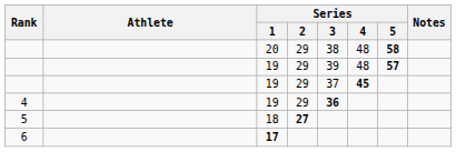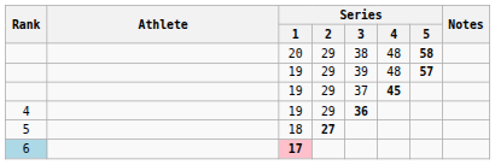 <table class="wikitable" style="text-align:center">
 <tr>
 <th rowspan="2" width="40">Rank</th>
 <th rowspan="2" width="250">Athlete</th>
 <th colspan="5">Series</th>
 <th rowspan="2" width="45">Notes</th>
 </tr>
 <tr>
 <th width="30">1</th>
 <th width="30">2</th>
 <th width="30">3</th>
 <th width="30">4</th>
 <th width="30">5</th>
 </tr>
 <tr>
 <td></td>
 <td align="left"></td>
 <td>20</td>
 <td>29</td>
 <td>38</td>
 <td>48</td>
 <td><strong>58</strong></td>
 <td></td>
 </tr>
 <tr>
 <td></td>
 <td align="left"></td>
 <td>19</td>
 <td>29</td>
 <td>39</td>
 <td>48</td>
 <td><strong>57</strong></td>
 <td></td>
 </tr>
 <tr>
 <td></td>
 <td align="left"></td>
 <td>19</td>
 <td>29</td>
 <td>37</td>
 <td><strong>45</strong></td>
 <td></td>
 <td></td>
 </tr>
 <tr>
 <td>4</td>
 <td align="left"></td>
 <td>19</td>
 <td>29</td>
 <td><strong>36</strong></td>
 <td></td>
 <td></td>
 <td></td>
 </tr>
 <tr>
 <td>5</td>
 <td align="left"></td>
 <td>18</td>
 <td><strong>27</strong></td>
 <td></td>
 <td></td>
 <td></td>
 <td></td>
 </tr>
 <tr>
-<td>6</td>
+<td style="background: lightblue;">6</td>
 <td align="left"></td>
-<td><strong>17</strong></td>
+<td style="background: pink;"><strong>17</strong></td>
 <td></td>
 <td></td>
 <td></td>
 <td></td>
 <td></td>
 </tr>
 </table>
